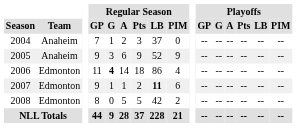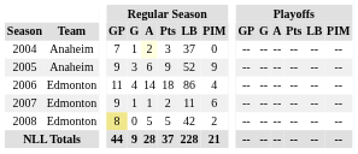 <table BORDER="0" CELLPADDING="3" CELLSPACING="0">
 <tr ALIGN="center" bgcolor="#e0e0e0">
 <th colspan="2" bgcolor="#ffffff"> </th>
 <th rowspan="99" bgcolor="#ffffff"> </th>
 <th colspan="6">Regular Season</th>
 <th rowspan="99" bgcolor="#ffffff"> </th>
 <th colspan="6">Playoffs</th>
 </tr>
 <tr ALIGN="center" bgcolor="#e0e0e0">
 <th>Season</th>
 <th>Team</th>
 <th>GP</th>
 <th>G</th>
 <th>A</th>
 <th>Pts</th>
 <th>LB</th>
 <th>PIM</th>
 <th>GP</th>
 <th>G</th>
 <th>A</th>
 <th>Pts</th>
 <th>LB</th>
 <th>PIM</th>
 </tr>
 <tr ALIGN="center">
 <td>2004</td>
 <td>Anaheim</td>
 <td>7</td>
 <td>1</td>
-<td>2</td>
+<td style="background: lightyellow;">2</td>
 <td>3</td>
 <td>37</td>
 <td>0</td>
 <td>--</td>
 <td>--</td>
 <td>--</td>
 <td>--</td>
 <td>--</td>
 <td>--</td>
 </tr>
 <tr ALIGN="center" bgcolor="#f0f0f0">
 <td>2005</td>
 <td>Anaheim</td>
 <td>9</td>
 <td>3</td>
 <td>6</td>
 <td>9</td>
 <td>52</td>
 <td>9</td>
 <td>--</td>
 <td>--</td>
 <td>--</td>
 <td>--</td>
 <td>--</td>
 <td>--</td>
 </tr>
 <tr ALIGN="center">
 <td>2006</td>
 <td>Edmonton</td>
 <td>11</td>
-<td><strong>4</strong></td>
+<td>4</td>
 <td>14</td>
 <td>18</td>
 <td>86</td>
 <td>4</td>
 <td>--</td>
 <td>--</td>
 <td>--</td>
 <td>--</td>
 <td>--</td>
 <td>--</td>
 </tr>
 <tr ALIGN="center" bgcolor="#f0f0f0">
 <td>2007</td>
 <td>Edmonton</td>
 <td>9</td>
 <td>1</td>
 <td>1</td>
 <td>2</td>
-<td><strong>11</strong></td>
+<td>11</td>
 <td>6</td>
 <td>--</td>
 <td>--</td>
 <td>--</td>
 <td>--</td>
 <td>--</td>
 <td>--</td>
 </tr>
 <tr ALIGN="center">
 <td>2008</td>
 <td>Edmonton</td>
-<td>8</td>
+<td style="background: khaki;">8</td>
 <td>0</td>
 <td>5</td>
 <td>5</td>
 <td>42</td>
 <td>2</td>
 <td>--</td>
 <td>--</td>
 <td>--</td>
 <td>--</td>
 <td>--</td>
 <td>--</td>
 </tr>
 <tr ALIGN="center" bgcolor="#e0e0e0">
 <th colspan="2">NLL Totals</th>
 <th>44</th>
 <th>9</th>
 <th>28</th>
 <th>37</th>
 <th>228</th>
 <th>21</th>
 <th>--</th>
 <th>--</th>
 <th>--</th>
 <th>--</th>
 <th>--</th>
 <th>--</th>
 </tr>
 </table>
